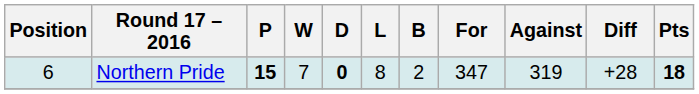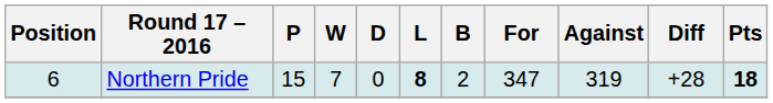 <table class="wikitable" style="text-align:center; font-size:85%;">
 <tr>
 <th width=40 abbr="Position">Position</th>
 <th width=100>Round 17 – 2016</th>
 <th width=20 abbr="Played">P</th>
 <th width=20 abbr="Won">W</th>
 <th width=20 abbr="Drawn">D</th>
 <th width=20 abbr="Lost">L</th>
 <th width=20 abbr="Bye">B</th>
 <th width=40 abbr="Points for">For</th>
 <th width=40 abbr="Points against">Against</th>
 <th width=40 abbr="Points difference">Diff</th>
 <th width=20 abbr="Points">Pts</th>
 </tr>
 <tr style="background: #d7ebed;">
 <td>6</td>
 <td style="text-align:left;"> <a href='#'>Northern Pride</a></td>
-<td><strong>15</strong></td>
+<td>15</td>
 <td>7</td>
-<td><strong>0</strong></td>
-<td>8</td>
+<td>0</td>
+<td><strong>8</strong></td>
 <td>2</td>
 <td>347</td>
 <td>319</td>
 <td>+28</td>
 <td><strong>18</strong></td>
 </tr>
 <tr>
 </tr>
 </table>
